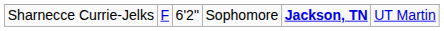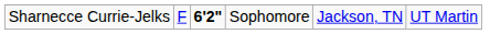 <table class="wikitable sortable" style="text-align: center">
 <tr align=center>
 </tr>
 <tr>
 <td sortname>Sharnecce Currie-Jelks</td>
 <td><a href='#'>F</a></td>
-<td>6'2"</td>
+<td><strong>6'2"</strong></td>
 <td>Sophomore</td>
-<td><strong><a href='#'>Jackson, TN</a></strong></td>
+<td><a href='#'>Jackson, TN</a></td>
 <td><a href='#'>UT Martin</a></td>
 </tr>
 </table>
